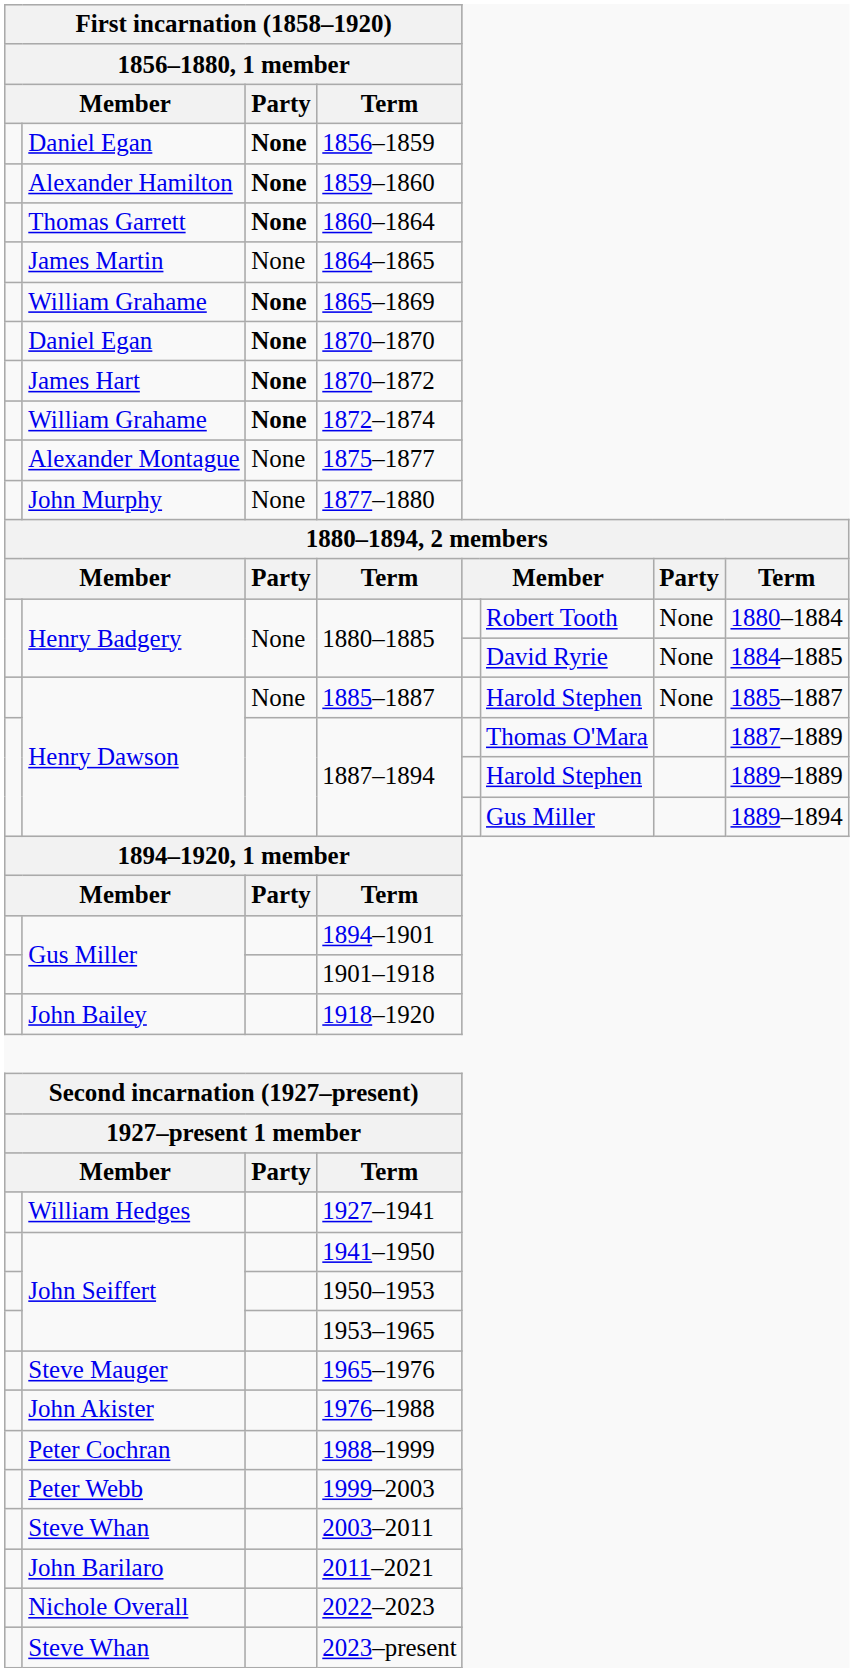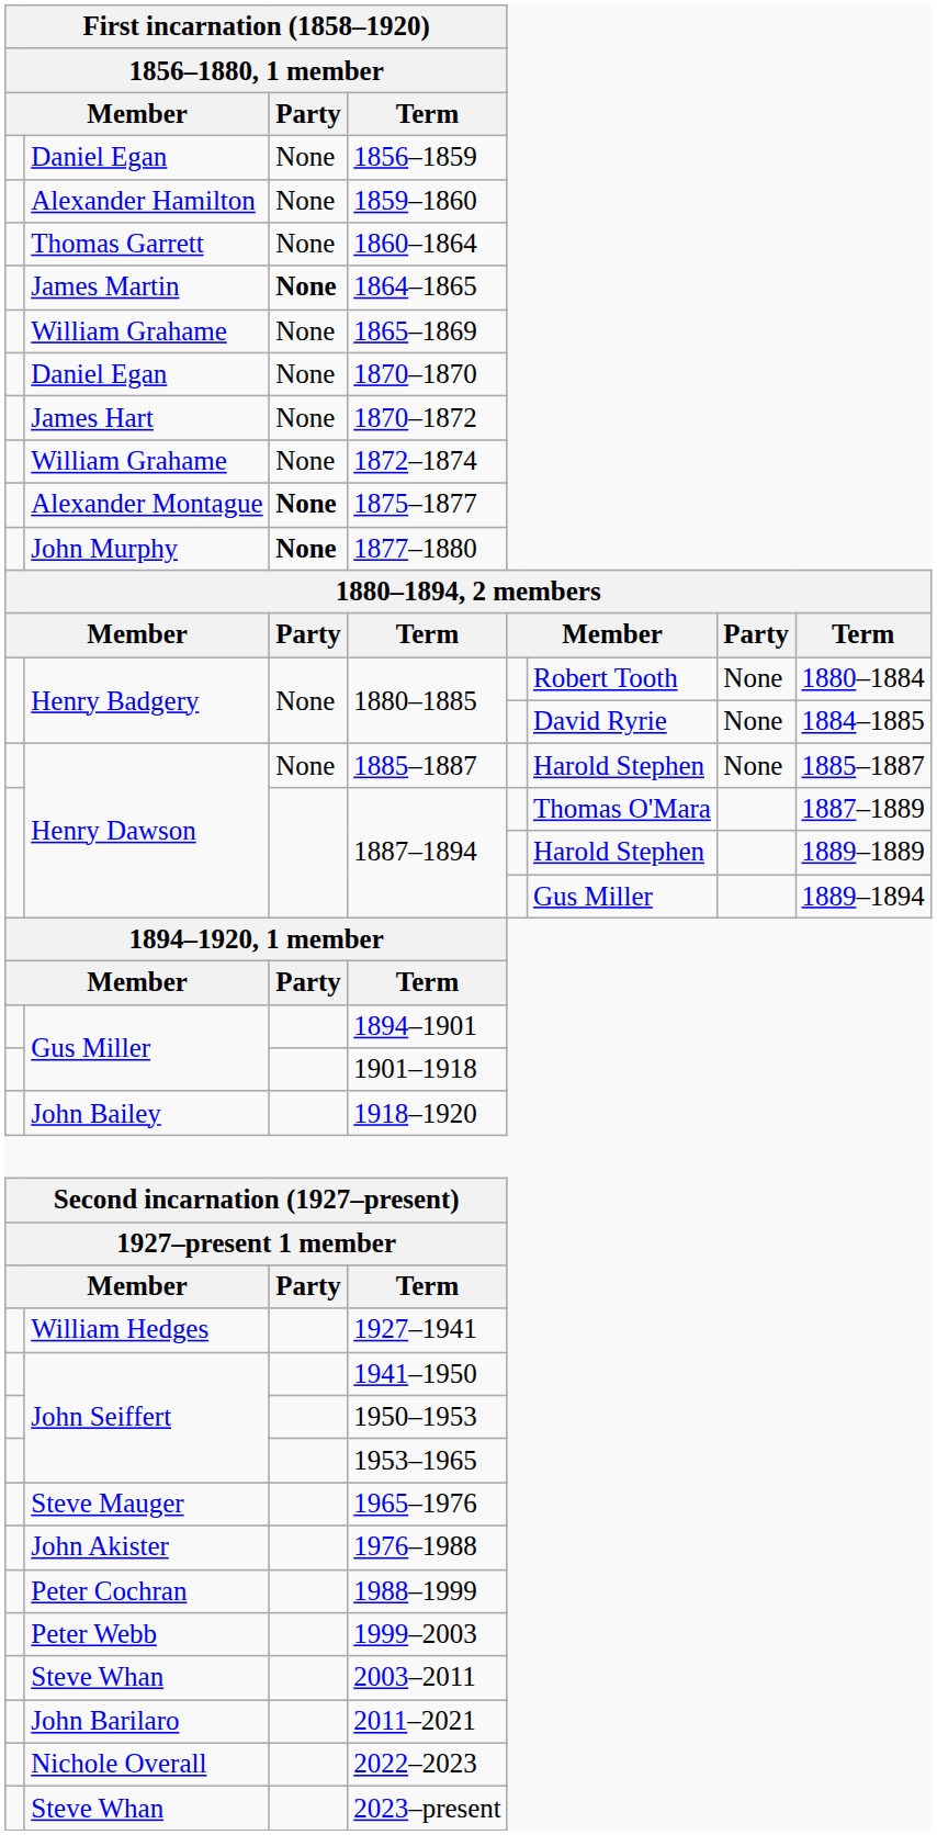 <table class="wikitable" style='border-style: none none none none;'>
 <tr>
 <th colspan="4">First incarnation (1858–1920)</th>
 </tr>
 <tr>
 <th colspan="4">1856–1880, 1 member</th>
 </tr>
 <tr>
 <th colspan="2">Member</th>
 <th>Party</th>
 <th>Term</th>
 </tr>
 <tr style="background: #f9f9f9">
 <td> </td>
 <td><a href='#'>Daniel Egan</a></td>
-<td><strong>None</strong></td>
+<td>None</td>
 <td><a href='#'>1856</a>–1859</td>
 </tr>
 <tr style="background: #f9f9f9">
 <td> </td>
 <td><a href='#'>Alexander Hamilton</a></td>
-<td><strong>None</strong></td>
+<td>None</td>
 <td><a href='#'>1859</a>–1860</td>
 </tr>
 <tr style="background: #f9f9f9">
 <td> </td>
 <td><a href='#'>Thomas Garrett</a></td>
-<td><strong>None</strong></td>
+<td>None</td>
 <td><a href='#'>1860</a>–1864</td>
 </tr>
 <tr style="background: #f9f9f9">
 <td> </td>
 <td><a href='#'>James Martin</a></td>
-<td>None</td>
+<td><strong>None</strong></td>
 <td><a href='#'>1864</a>–1865</td>
 </tr>
 <tr style="background: #f9f9f9">
 <td> </td>
 <td><a href='#'>William Grahame</a></td>
-<td><strong>None</strong></td>
+<td>None</td>
 <td><a href='#'>1865</a>–1869</td>
 </tr>
 <tr style="background: #f9f9f9">
 <td> </td>
 <td><a href='#'>Daniel Egan</a></td>
-<td><strong>None</strong></td>
+<td>None</td>
 <td><a href='#'>1870</a>–1870</td>
 </tr>
 <tr style="background: #f9f9f9">
 <td> </td>
 <td><a href='#'>James Hart</a></td>
-<td><strong>None</strong></td>
+<td>None</td>
 <td><a href='#'>1870</a>–1872</td>
 </tr>
 <tr style="background: #f9f9f9">
 <td> </td>
 <td><a href='#'>William Grahame</a></td>
-<td><strong>None</strong></td>
+<td>None</td>
 <td><a href='#'>1872</a>–1874</td>
 </tr>
 <tr style="background: #f9f9f9">
 <td> </td>
 <td><a href='#'>Alexander Montague</a></td>
-<td>None</td>
+<td><strong>None</strong></td>
 <td><a href='#'>1875</a>–1877</td>
 </tr>
 <tr style="background: #f9f9f9">
 <td> </td>
 <td><a href='#'>John Murphy</a></td>
-<td>None</td>
+<td><strong>None</strong></td>
 <td><a href='#'>1877</a>–1880</td>
 </tr>
 <tr>
 <th colspan="8">1880–1894, 2 members</th>
 </tr>
 <tr>
 <th colspan="2">Member</th>
 <th>Party</th>
 <th>Term</th>
 <th colspan="2">Member</th>
 <th>Party</th>
 <th>Term</th>
 </tr>
 <tr style="background: #f9f9f9">
 <td rowspan="2" > </td>
 <td rowspan="2"><a href='#'>Henry Badgery</a></td>
 <td rowspan="2">None</td>
 <td rowspan="2">1880–1885</td>
 <td> </td>
 <td><a href='#'>Robert Tooth</a></td>
 <td>None</td>
 <td><a href='#'>1880</a>–1884</td>
 </tr>
 <tr style="background: #f9f9f9">
 <td> </td>
 <td><a href='#'>David Ryrie</a></td>
 <td>None</td>
 <td><a href='#'>1884</a>–1885</td>
 </tr>
 <tr style="background: #f9f9f9">
 <td> </td>
 <td rowspan="4"><a href='#'>Henry Dawson</a></td>
 <td>None</td>
 <td><a href='#'>1885</a>–1887</td>
 <td> </td>
 <td><a href='#'>Harold Stephen</a></td>
 <td>None</td>
 <td><a href='#'>1885</a>–1887</td>
 </tr>
 <tr style="background: #f9f9f9">
 <td rowspan="3" > </td>
 <td rowspan="3"></td>
 <td rowspan="3">1887–1894</td>
 <td> </td>
 <td><a href='#'>Thomas O'Mara</a></td>
 <td></td>
 <td><a href='#'>1887</a>–1889</td>
 </tr>
 <tr style="background: #f9f9f9">
 <td> </td>
 <td><a href='#'>Harold Stephen</a></td>
 <td></td>
 <td><a href='#'>1889</a>–1889</td>
 </tr>
 <tr style="background: #f9f9f9">
 <td> </td>
 <td><a href='#'>Gus Miller</a></td>
 <td></td>
 <td><a href='#'>1889</a>–1894</td>
 </tr>
 <tr>
 <th colspan="4">1894–1920, 1 member</th>
 </tr>
 <tr>
 <th colspan="2">Member</th>
 <th>Party</th>
 <th>Term</th>
 </tr>
 <tr style="background: #f9f9f9">
 <td> </td>
 <td rowspan="2"><a href='#'>Gus Miller</a></td>
 <td></td>
 <td><a href='#'>1894</a>–1901</td>
 </tr>
 <tr style="background: #f9f9f9">
 <td> </td>
 <td></td>
 <td>1901–1918</td>
 </tr>
 <tr style="background: #f9f9f9">
 <td> </td>
 <td><a href='#'>John Bailey</a></td>
 <td></td>
 <td><a href='#'>1918</a>–1920</td>
 </tr>
 <tr>
 <td colspan="4" style='border-style: none none none none;'> </td>
 </tr>
 <tr>
 <th colspan="4">Second incarnation (1927–present)</th>
 </tr>
 <tr>
 <th colspan="4">1927–present 1 member</th>
 </tr>
 <tr>
 <th colspan="2">Member</th>
 <th>Party</th>
 <th>Term</th>
 </tr>
 <tr style="background: #f9f9f9">
 <td> </td>
 <td><a href='#'>William Hedges</a></td>
 <td></td>
 <td><a href='#'>1927</a>–1941</td>
 </tr>
 <tr style="background: #f9f9f9">
 <td> </td>
 <td rowspan="3"><a href='#'>John Seiffert</a></td>
 <td></td>
 <td><a href='#'>1941</a>–1950</td>
 </tr>
 <tr style="background: #f9f9f9">
 <td> </td>
 <td></td>
 <td>1950–1953</td>
 </tr>
 <tr style="background: #f9f9f9">
 <td> </td>
 <td></td>
 <td>1953–1965</td>
 </tr>
 <tr style="background: #f9f9f9">
 <td> </td>
 <td><a href='#'>Steve Mauger</a></td>
 <td></td>
 <td><a href='#'>1965</a>–1976</td>
 </tr>
 <tr style="background: #f9f9f9">
 <td> </td>
 <td><a href='#'>John Akister</a></td>
 <td></td>
 <td><a href='#'>1976</a>–1988</td>
 </tr>
 <tr style="background: #f9f9f9">
 <td> </td>
 <td><a href='#'>Peter Cochran</a></td>
 <td></td>
 <td><a href='#'>1988</a>–1999</td>
 </tr>
 <tr style="background: #f9f9f9">
 <td> </td>
 <td><a href='#'>Peter Webb</a></td>
 <td></td>
 <td><a href='#'>1999</a>–2003</td>
 </tr>
 <tr style="background: #f9f9f9">
 <td> </td>
 <td><a href='#'>Steve Whan</a></td>
 <td></td>
 <td><a href='#'>2003</a>–2011</td>
 </tr>
 <tr style="background: #f9f9f9">
 <td> </td>
 <td><a href='#'>John Barilaro</a></td>
 <td></td>
 <td><a href='#'>2011</a>–2021</td>
 </tr>
 <tr style="background: #f9f9f9">
 <td> </td>
 <td><a href='#'>Nichole Overall</a></td>
 <td></td>
 <td><a href='#'>2022</a>–2023</td>
 </tr>
 <tr style="background: #f9f9f9">
 <td> </td>
 <td><a href='#'>Steve Whan</a></td>
 <td></td>
 <td><a href='#'>2023</a>–present</td>
 </tr>
 </table>
